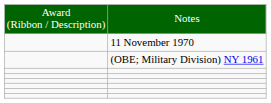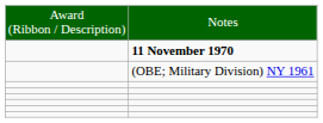 <table class="wikitable">
 <tr style="background:DarkGreen;color:white" align="center">
 <td>Award <br> (Ribbon / Description)</td>
 <td>Notes</td>
 </tr>
 <tr>
 <td></td>
-<td>11 November 1970</td>
+<td><strong>11 November 1970</strong></td>
 </tr>
 <tr>
 <td></td>
 <td>(OBE; Military Division) <a href='#'>NY 1961</a></td>
 </tr>
 <tr>
 <td></td>
 <td></td>
 </tr>
 <tr>
 <td></td>
 <td></td>
 </tr>
 <tr>
 <td></td>
 <td></td>
 </tr>
 <tr>
 <td></td>
 <td></td>
 </tr>
 <tr>
 <td></td>
 <td></td>
 </tr>
 <tr>
 <td></td>
 <td></td>
 </tr>
 </table>
